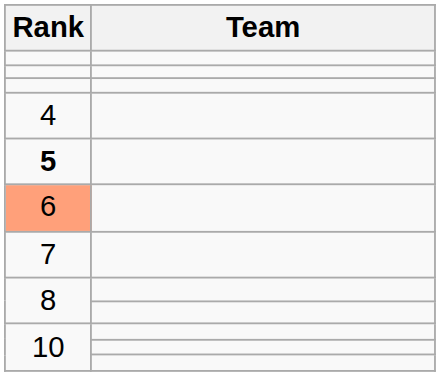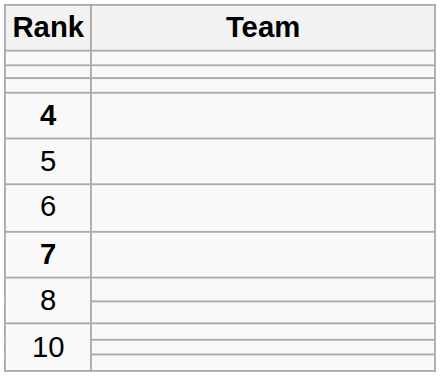 <table class="wikitable" style="text-align: center;">
 <tr>
 <th width=40>Rank</th>
 <th width=180>Team</th>
 </tr>
 <tr>
 <td></td>
 <td align=left></td>
 </tr>
 <tr>
 <td></td>
 <td align=left></td>
 </tr>
 <tr>
 <td></td>
 <td align=left></td>
 </tr>
 <tr>
-<td>4</td>
+<td><strong>4</strong></td>
 <td align=left></td>
 </tr>
 <tr>
-<td><strong>5</strong></td>
+<td>5</td>
 <td align=left></td>
 </tr>
 <tr>
-<td style="background: lightsalmon;">6</td>
+<td>6</td>
 <td align=left></td>
 </tr>
 <tr>
-<td>7</td>
+<td><strong>7</strong></td>
 <td align=left></td>
 </tr>
 <tr>
 <td rowspan=2>8</td>
 <td align=left></td>
 </tr>
 <tr>
 <td align=left></td>
 </tr>
 <tr>
 <td rowspan=3>10</td>
 <td align=left></td>
 </tr>
 <tr>
 <td align=left></td>
 </tr>
 <tr>
 <td align=left></td>
 </tr>
 </table>
